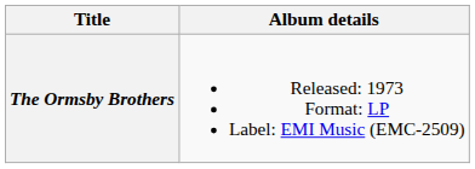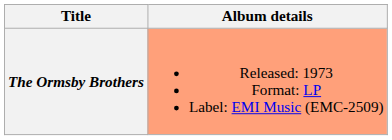 <table class="wikitable plainrowheaders" style="text-align:center;" border="1">
 <tr>
 <th>Title</th>
 <th>Album details</th>
 </tr>
 <tr>
 <th scope="row"><em>The Ormsby Brothers</em></th>
-<td><br><ul><li>Released: 1973</li><li>Format: <a href='#'>LP</a></li><li>Label: <a href='#'>EMI Music</a> (EMC-2509)</li></ul></td>
+<td style="background: lightsalmon;"><br><ul><li>Released: 1973</li><li>Format: <a href='#'>LP</a></li><li>Label: <a href='#'>EMI Music</a> (EMC-2509)</li></ul></td>
 </tr>
 </table>
